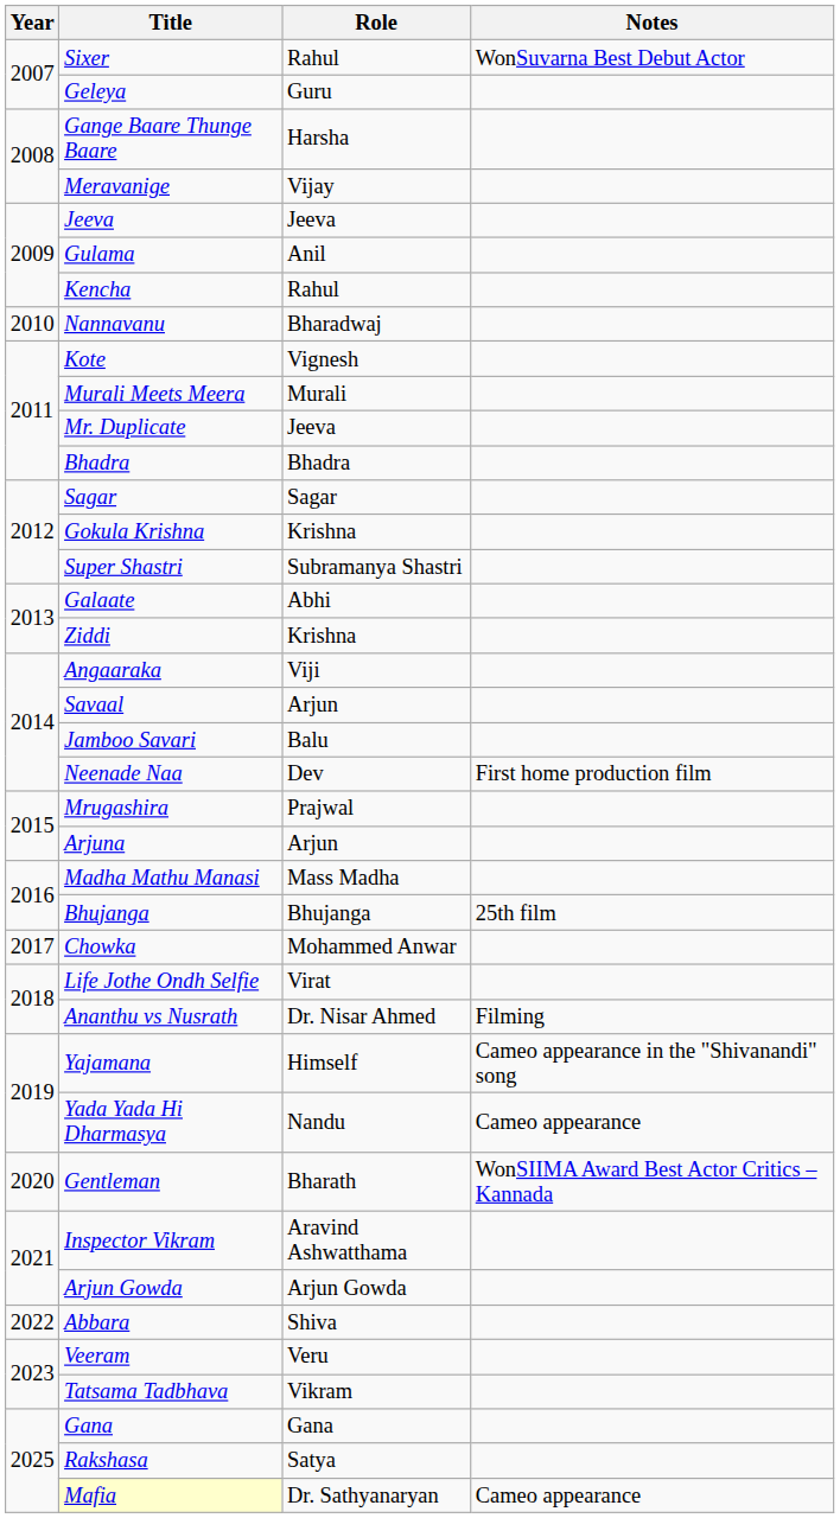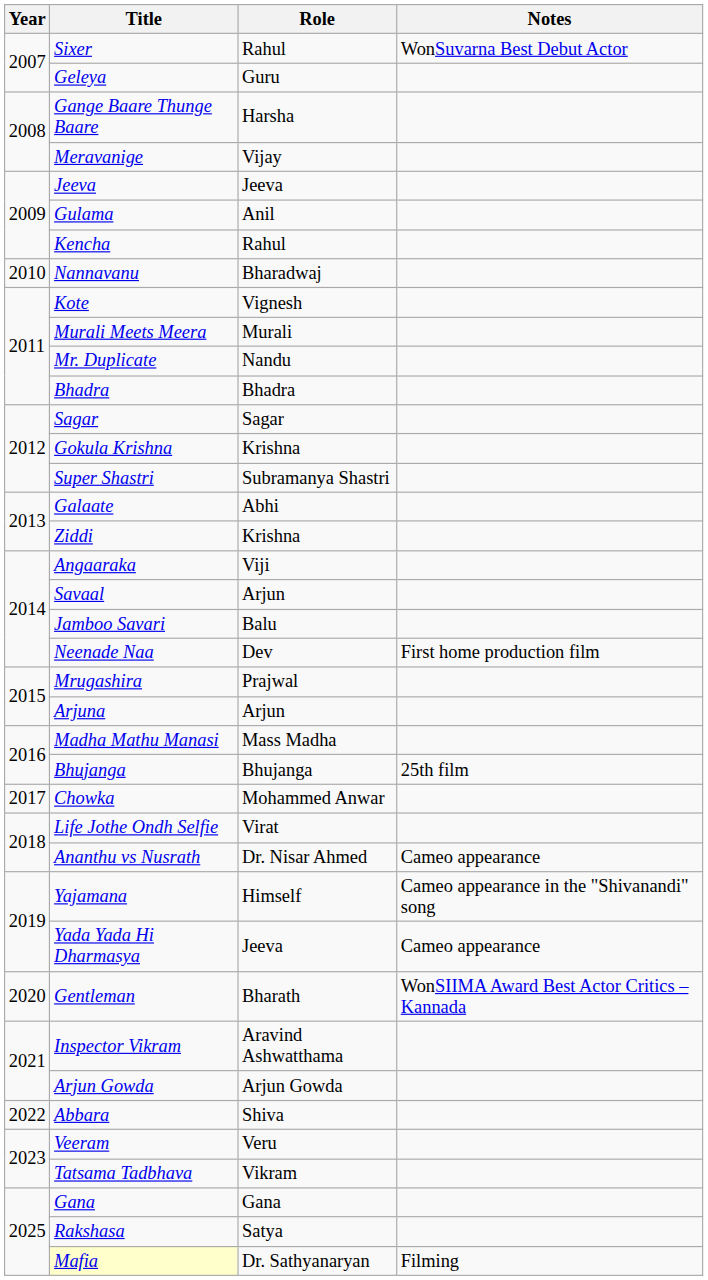 <table class="wikitable sortable">
 <tr>
 <th>Year</th>
 <th>Title</th>
 <th>Role</th>
 <th>Notes</th>
 </tr>
 <tr>
 <td rowspan="2">2007</td>
 <td><em><a href='#'>Sixer</a></em></td>
 <td>Rahul</td>
 <td>Won<a href='#'>Suvarna Best Debut Actor</a></td>
 </tr>
 <tr>
 <td><em><a href='#'>Geleya</a></em></td>
 <td>Guru</td>
 <td></td>
 </tr>
 <tr>
 <td rowspan="2">2008</td>
 <td><em><a href='#'>Gange Baare Thunge Baare</a></em></td>
 <td>Harsha</td>
 <td></td>
 </tr>
 <tr>
 <td><em><a href='#'>Meravanige</a></em></td>
 <td>Vijay</td>
 <td></td>
 </tr>
 <tr>
 <td rowspan="3">2009</td>
 <td><em><a href='#'>Jeeva</a></em></td>
 <td>Jeeva</td>
 <td></td>
 </tr>
 <tr>
 <td><em><a href='#'>Gulama</a></em></td>
 <td>Anil</td>
 <td></td>
 </tr>
 <tr>
 <td><em><a href='#'>Kencha</a></em></td>
 <td>Rahul</td>
 <td></td>
 </tr>
 <tr>
 <td>2010</td>
 <td><em><a href='#'>Nannavanu</a></em></td>
 <td>Bharadwaj</td>
 <td></td>
 </tr>
 <tr>
 <td rowspan="4">2011</td>
 <td><em><a href='#'>Kote</a></em></td>
 <td>Vignesh</td>
 <td></td>
 </tr>
 <tr>
 <td><em><a href='#'>Murali Meets Meera</a></em></td>
 <td>Murali</td>
 <td></td>
 </tr>
 <tr>
 <td><em><a href='#'>Mr. Duplicate</a></em></td>
-<td>Jeeva</td>
+<td>Nandu</td>
 <td></td>
 </tr>
 <tr>
 <td><em><a href='#'>Bhadra</a></em></td>
 <td>Bhadra</td>
 <td></td>
 </tr>
 <tr>
 <td rowspan="3">2012</td>
 <td><em><a href='#'>Sagar</a></em></td>
 <td>Sagar</td>
 <td></td>
 </tr>
 <tr>
 <td><em><a href='#'>Gokula Krishna</a></em></td>
 <td>Krishna</td>
 <td></td>
 </tr>
 <tr>
 <td><em><a href='#'>Super Shastri</a></em></td>
 <td>Subramanya Shastri</td>
 <td></td>
 </tr>
 <tr>
 <td rowspan="2">2013</td>
 <td><em><a href='#'>Galaate</a></em></td>
 <td>Abhi</td>
 <td></td>
 </tr>
 <tr>
 <td><em><a href='#'>Ziddi</a></em></td>
 <td>Krishna</td>
 <td></td>
 </tr>
 <tr>
 <td rowspan="4">2014</td>
 <td><em><a href='#'>Angaaraka</a></em></td>
 <td>Viji</td>
 <td></td>
 </tr>
 <tr>
 <td><em><a href='#'>Savaal</a></em></td>
 <td>Arjun</td>
 <td></td>
 </tr>
 <tr>
 <td><em><a href='#'>Jamboo Savari</a></em></td>
 <td>Balu</td>
 <td></td>
 </tr>
 <tr>
 <td><em><a href='#'>Neenade Naa</a></em></td>
 <td>Dev</td>
 <td>First home production film</td>
 </tr>
 <tr>
 <td rowspan="2">2015</td>
 <td><em><a href='#'>Mrugashira</a></em></td>
 <td>Prajwal</td>
 <td></td>
 </tr>
 <tr>
 <td><em><a href='#'>Arjuna</a></em></td>
 <td>Arjun</td>
 <td></td>
 </tr>
 <tr>
 <td rowspan="2">2016</td>
 <td><em><a href='#'>Madha Mathu Manasi</a></em></td>
 <td>Mass Madha</td>
 <td></td>
 </tr>
 <tr>
 <td><em><a href='#'>Bhujanga</a></em></td>
 <td>Bhujanga</td>
 <td>25th film</td>
 </tr>
 <tr>
 <td>2017</td>
 <td><em><a href='#'>Chowka</a></em></td>
 <td>Mohammed Anwar</td>
 <td></td>
 </tr>
 <tr>
 <td rowspan="2">2018</td>
 <td><em><a href='#'>Life Jothe Ondh Selfie</a></em></td>
 <td>Virat</td>
 <td></td>
 </tr>
 <tr>
 <td><em><a href='#'>Ananthu vs Nusrath</a></em></td>
 <td>Dr. Nisar Ahmed</td>
-<td>Filming</td>
+<td>Cameo appearance</td>
 </tr>
 <tr>
 <td rowspan="2">2019</td>
 <td><a href='#'><em>Yajamana</em></a></td>
 <td>Himself</td>
 <td>Cameo appearance in the "Shivanandi" song</td>
 </tr>
 <tr>
 <td><em><a href='#'>Yada Yada Hi Dharmasya</a></em></td>
-<td>Nandu</td>
+<td>Jeeva</td>
 <td>Cameo appearance</td>
 </tr>
 <tr>
 <td>2020</td>
 <td><em><a href='#'>Gentleman</a></em></td>
 <td>Bharath</td>
 <td>Won<a href='#'>SIIMA Award Best Actor Critics – Kannada</a></td>
 </tr>
 <tr>
 <td rowspan="2">2021</td>
 <td><em><a href='#'>Inspector Vikram</a></em></td>
 <td>Aravind Ashwatthama</td>
 <td></td>
 </tr>
 <tr>
 <td><em><a href='#'>Arjun Gowda</a></em></td>
 <td>Arjun Gowda</td>
 <td></td>
 </tr>
 <tr>
 <td>2022</td>
 <td><em><a href='#'>Abbara</a></em></td>
 <td>Shiva</td>
 <td></td>
 </tr>
 <tr>
 <td rowspan="2">2023</td>
 <td><em><a href='#'>Veeram</a></em></td>
 <td>Veru</td>
 <td></td>
 </tr>
 <tr>
 <td><em><a href='#'>Tatsama Tadbhava</a></em></td>
 <td>Vikram</td>
 <td></td>
 </tr>
 <tr>
 <td rowspan="3">2025</td>
 <td><em><a href='#'>Gana</a></em></td>
 <td>Gana</td>
 <td></td>
 </tr>
 <tr>
 <td><em><a href='#'>Rakshasa</a></em></td>
 <td>Satya</td>
 <td></td>
 </tr>
 <tr>
 <td style="background:#ffc;"><em><a href='#'>Mafia</a></em> </td>
 <td>Dr. Sathyanaryan</td>
-<td>Cameo appearance</td>
+<td>Filming</td>
 </tr>
 </table>
